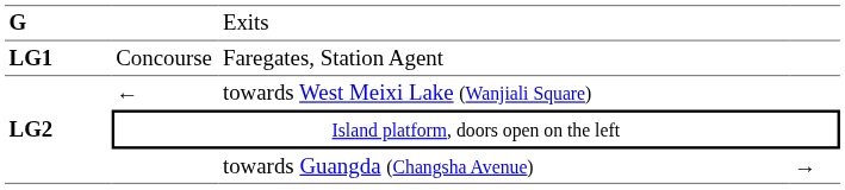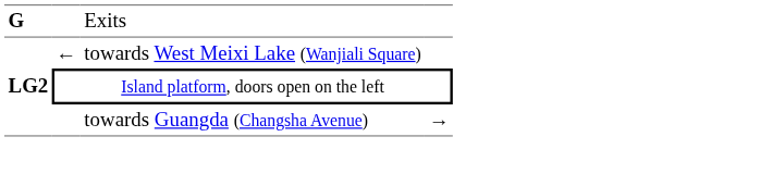 <table table border=0 cellspacing=0 cellpadding=3>
 <tr>
 <td style="border-bottom:solid 1px gray; border-top:solid 1px gray;" valign=top><strong>G</strong></td>
 <td style="border-bottom:solid 1px gray; border-top:solid 1px gray;" valign=top></td>
 <td style="border-bottom:solid 1px gray; border-top:solid 1px gray;" valign=top>Exits</td>
 <td style="border-bottom:solid 1px gray; border-top:solid 1px gray;" valign=top></td>
-</tr>
-<tr>
-<td style="border-bottom:solid 1px gray;" width=70><strong>LG1</strong></td>
-<td style="border-bottom:solid 1px gray;" width=70>Concourse</td>
-<td style="border-bottom:solid 1px gray;" width=400>Faregates, Station Agent</td>
-<td style="border-bottom:solid 1px gray;" width=30></td>
 </tr>
 <tr>
 <td style="border-bottom:solid 1px gray;" rowspan=3><strong>LG2</strong></td>
 <td>←</td>
 <td> towards <a href='#'>West Meixi Lake</a> <small>(<a href='#'>Wanjiali Square</a>)</small></td>
 <td></td>
 </tr>
 <tr>
 <td style="border-right:solid 2px black;border-left:solid 2px black;border-top:solid 2px black;border-bottom:solid 2px black;text-align:center;" colspan=3><small><a href='#'>Island platform</a>, doors open on the left</small></td>
 </tr>
 <tr>
 <td style="border-bottom:solid 1px gray;"></td>
 <td style="border-bottom:solid 1px gray;"> towards <a href='#'>Guangda</a> <small>(<a href='#'>Changsha Avenue</a>)</small></td>
 <td style="border-bottom:solid 1px gray;">→</td>
 </tr>
 <tr>
 </tr>
 </table>
